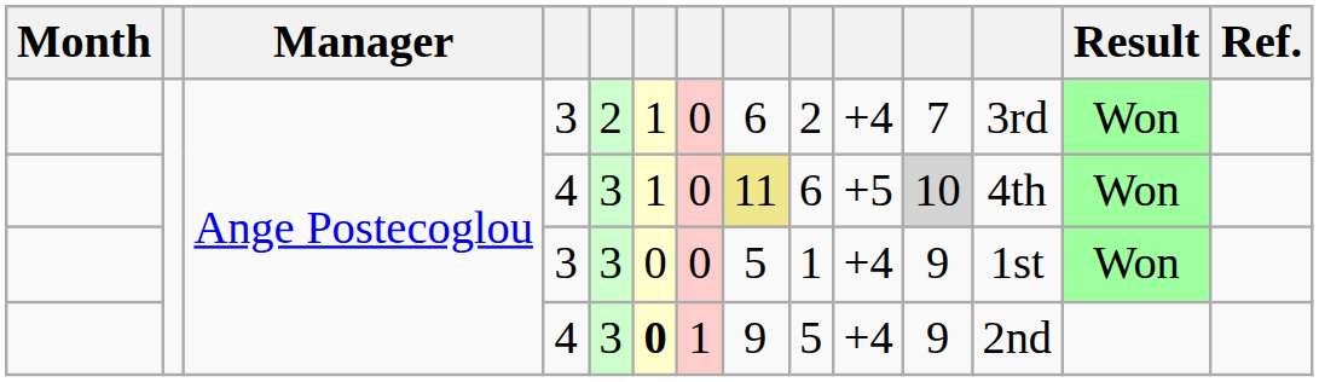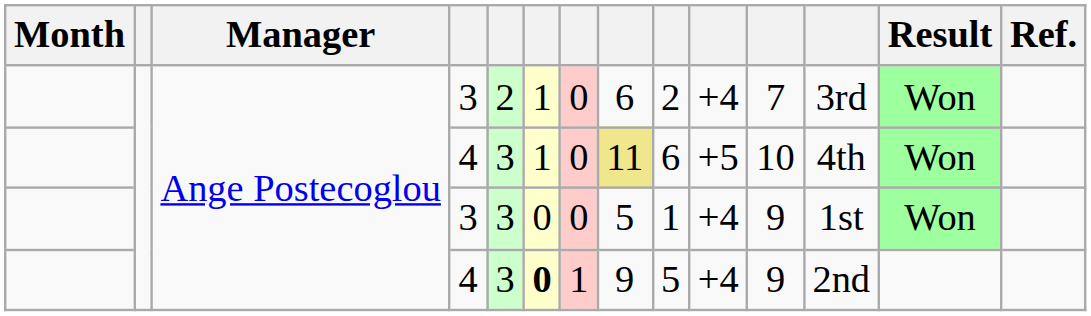 <table class="wikitable sortable" style="text-align:center">
 <tr>
 <th>Month</th>
 <th></th>
 <th>Manager</th>
 <th></th>
 <th></th>
 <th></th>
 <th></th>
 <th></th>
 <th></th>
 <th></th>
 <th></th>
 <th></th>
 <th>Result</th>
 <th class="unsortable">Ref.</th>
 </tr>
 <tr>
 <td></td>
 <td rowspan="4"></td>
 <td rowspan="4" data-sort-value="Postecoglou, Ange"><a href='#'>Ange Postecoglou</a></td>
 <td>3</td>
 <td style="background:#ccffcc;">2</td>
 <td style="background:#ffffcc;">1</td>
 <td style="background:#ffcccc;">0</td>
 <td>6</td>
 <td>2</td>
 <td>+4</td>
 <td>7</td>
 <td>3rd</td>
 <td style="background:#9eff9e;">Won</td>
 <td></td>
 </tr>
 <tr>
 <td></td>
 <td>4</td>
 <td style="background:#ccffcc;">3</td>
 <td style="background:#ffffcc;">1</td>
 <td style="background:#ffcccc;">0</td>
 <td style="background: khaki;">11</td>
 <td>6</td>
 <td>+5</td>
-<td style="background: lightgrey;">10</td>
+<td>10</td>
 <td>4th</td>
 <td style="background:#9eff9e;">Won</td>
 <td></td>
 </tr>
 <tr>
 <td></td>
 <td>3</td>
 <td style="background:#ccffcc;">3</td>
 <td style="background:#ffffcc;">0</td>
 <td style="background:#ffcccc;">0</td>
 <td>5</td>
 <td>1</td>
 <td>+4</td>
 <td>9</td>
 <td>1st</td>
 <td style="background:#9eff9e;">Won</td>
 <td></td>
 </tr>
 <tr>
 <td></td>
 <td>4</td>
 <td style="background:#ccffcc;">3</td>
 <td style="background:#ffffcc;"><strong>0</strong></td>
 <td style="background:#ffcccc;">1</td>
 <td>9</td>
 <td>5</td>
 <td>+4</td>
 <td>9</td>
 <td>2nd</td>
 <td></td>
 <td></td>
 </tr>
 </table>
